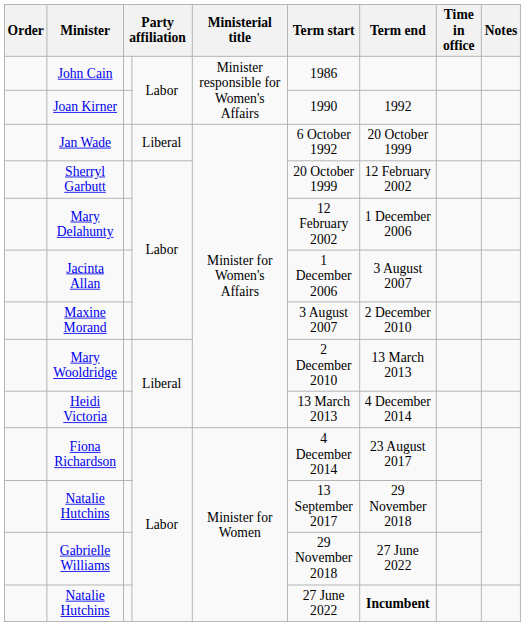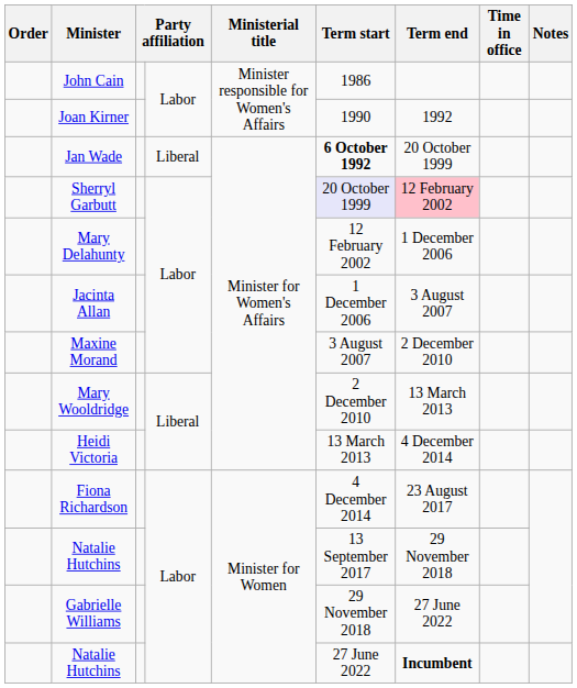 <table class="wikitable" style="text-align:center">
 <tr>
 <th>Order</th>
 <th>Minister</th>
 <th colspan="2">Party affiliation</th>
 <th>Ministerial title</th>
 <th>Term start</th>
 <th>Term end</th>
 <th>Time in office</th>
 <th>Notes</th>
 </tr>
 <tr>
 <td></td>
 <td><a href='#'>John Cain</a> </td>
 <td></td>
 <td rowspan="2">Labor</td>
 <td rowspan="2">Minister responsible for Women's Affairs</td>
 <td>1986</td>
 <td></td>
 <td></td>
 <td></td>
 </tr>
 <tr>
 <td></td>
 <td><a href='#'>Joan Kirner</a> </td>
 <td></td>
 <td>1990</td>
 <td>1992</td>
 <td></td>
 <td></td>
 </tr>
 <tr>
 <td></td>
 <td><a href='#'>Jan Wade</a> </td>
 <td></td>
 <td>Liberal</td>
 <td rowspan="7">Minister for Women's Affairs</td>
-<td>6 October 1992</td>
+<td><strong>6 October 1992</strong></td>
 <td>20 October 1999</td>
 <td></td>
 <td></td>
 </tr>
 <tr>
 <td></td>
 <td><a href='#'>Sherryl Garbutt</a> </td>
 <td></td>
 <td rowspan="4">Labor</td>
-<td>20 October 1999</td>
-<td>12 February 2002</td>
+<td style="background: lavender;">20 October 1999</td>
+<td style="background: pink;">12 February 2002</td>
 <td></td>
 <td></td>
 </tr>
 <tr>
 <td></td>
 <td><a href='#'>Mary Delahunty</a> </td>
 <td></td>
 <td>12 February 2002</td>
 <td>1 December 2006</td>
 <td></td>
 <td></td>
 </tr>
 <tr>
 <td></td>
 <td><a href='#'>Jacinta Allan</a> </td>
 <td></td>
 <td>1 December 2006</td>
 <td>3 August 2007</td>
 <td></td>
 <td></td>
 </tr>
 <tr>
 <td></td>
 <td><a href='#'>Maxine Morand</a> </td>
 <td></td>
 <td>3 August 2007</td>
 <td>2 December 2010</td>
 <td></td>
 <td></td>
 </tr>
 <tr>
 <td></td>
 <td><a href='#'>Mary Wooldridge</a> </td>
 <td></td>
 <td rowspan="2">Liberal</td>
 <td>2 December 2010</td>
 <td>13 March 2013</td>
 <td></td>
 <td></td>
 </tr>
 <tr>
 <td></td>
 <td><a href='#'>Heidi Victoria</a> </td>
 <td></td>
 <td>13 March 2013</td>
 <td>4 December 2014</td>
 <td></td>
 <td></td>
 </tr>
 <tr>
 <td></td>
 <td><a href='#'>Fiona Richardson</a> </td>
 <td></td>
 <td rowspan="4">Labor</td>
 <td rowspan="4">Minister for Women</td>
 <td>4 December 2014</td>
 <td>23 August 2017</td>
 <td></td>
 <td rowspan="3"></td>
 </tr>
 <tr>
 <td></td>
 <td><a href='#'>Natalie Hutchins</a> </td>
 <td></td>
 <td>13 September 2017</td>
 <td>29 November 2018</td>
 <td></td>
 </tr>
 <tr>
 <td></td>
 <td><a href='#'>Gabrielle Williams</a> </td>
 <td></td>
 <td>29 November 2018</td>
 <td>27 June 2022</td>
 <td></td>
 </tr>
 <tr>
 <td></td>
 <td><a href='#'>Natalie Hutchins</a> </td>
 <td></td>
 <td>27 June 2022</td>
 <td><strong>Incumbent</strong></td>
 <td></td>
 <td></td>
 </tr>
 </table>
